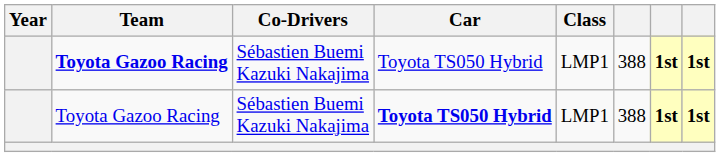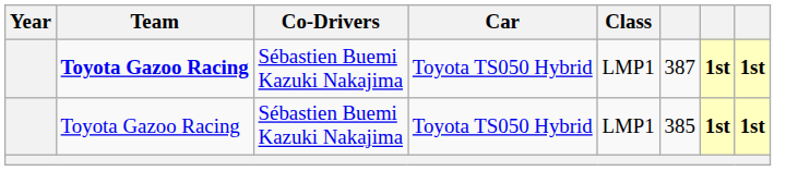 <table class="wikitable" style="text-align:center; font-size:90%">
 <tr>
 <th scope="col">Year</th>
 <th scope="col">Team</th>
 <th scope="col">Co-Drivers</th>
 <th scope="col">Car</th>
 <th scope="col">Class</th>
 <th scope="col"></th>
 <th scope="col"></th>
 <th scope="col"></th>
 </tr>
 <tr>
 <th scope="row"></th>
 <td align="left" nowrap><strong> <a href='#'>Toyota Gazoo Racing</a></strong></td>
 <td align="left" nowrap> <a href='#'>Sébastien Buemi</a><br> <a href='#'>Kazuki Nakajima</a></td>
 <td align="left" nowrap><a href='#'>Toyota TS050 Hybrid</a></td>
 <td>LMP1</td>
-<td>388</td>
+<td>387</td>
 <td style="background:#FFFFBF"><strong>1st</strong></td>
 <td style="background:#FFFFBF"><strong>1st</strong></td>
 </tr>
 <tr>
 <th scope="row"></th>
 <td align="left" nowrap> <a href='#'>Toyota Gazoo Racing</a></td>
 <td align="left" nowrap> <a href='#'>Sébastien Buemi</a><br> <a href='#'>Kazuki Nakajima</a></td>
-<td align="left" nowrap><strong><a href='#'>Toyota TS050 Hybrid</a></strong></td>
+<td align="left" nowrap><a href='#'>Toyota TS050 Hybrid</a></td>
 <td>LMP1</td>
-<td>388</td>
+<td>385</td>
 <td style="background:#FFFFBF"><strong>1st</strong></td>
 <td style="background:#FFFFBF"><strong>1st</strong></td>
 </tr>
 <tr>
 <th colspan="8"></th>
 </tr>
 </table>
